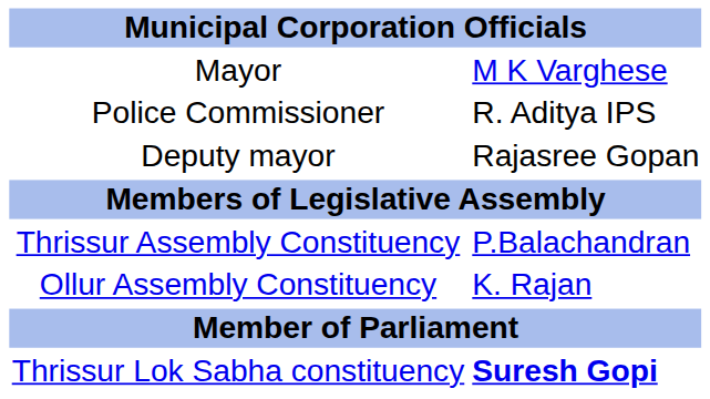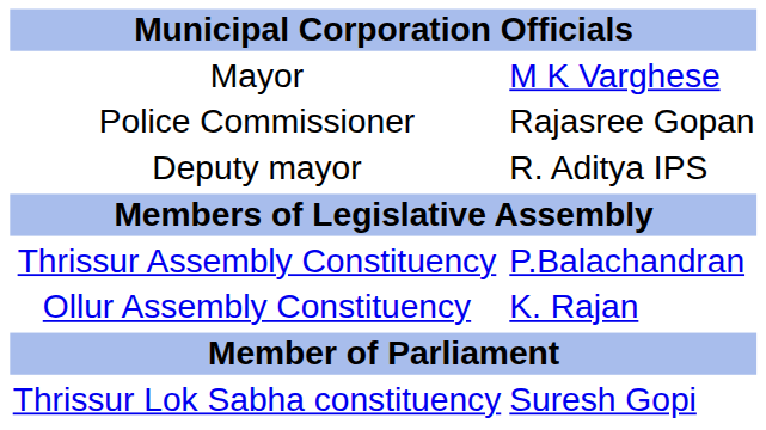 <table class="toccolours" style="clear:right; float:right; background:#ffffff; margin: 0 0 0.5em 1em; width:220">
 <tr>
 <th style="background:#A8BDEC" align="center" colspan="2"><strong>Municipal Corporation Officials</strong></th>
 </tr>
 <tr>
 <td align="center">Mayor</td>
 <td><a href='#'>M K Varghese</a></td>
 </tr>
 <tr>
 <td align="center">Police Commissioner</td>
-<td>R. Aditya IPS</td>
+<td>Rajasree Gopan</td>
 </tr>
 <tr>
 <td align="center">Deputy mayor</td>
-<td>Rajasree Gopan</td>
+<td>R. Aditya IPS</td>
 </tr>
 <tr>
 <th style="background:#A8BDEC" align="center" colspan="3"><strong>Members of Legislative Assembly</strong></th>
 </tr>
 <tr>
 <td align="center"><a href='#'>Thrissur Assembly Constituency</a></td>
 <td><a href='#'>P.Balachandran</a></td>
 </tr>
 <tr>
 <td align="center"><a href='#'>Ollur Assembly Constituency</a></td>
 <td><a href='#'>K. Rajan</a></td>
 </tr>
 <tr>
 <th style="background:#A8BDEC" align="center" colspan="3"><strong>Member of Parliament</strong></th>
 </tr>
 <tr>
 <td align="center"><a href='#'>Thrissur Lok Sabha constituency</a></td>
-<td><strong><a href='#'>Suresh Gopi</a></strong></td>
+<td><a href='#'>Suresh Gopi</a></td>
 </tr>
 </table>
